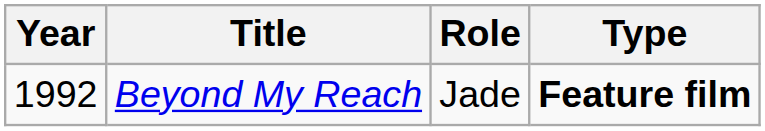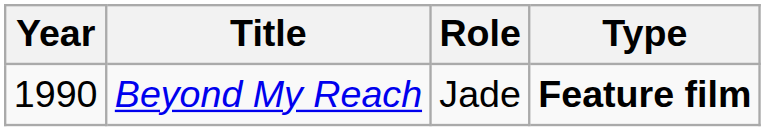 <table class="wikitable">
 <tr>
 <th>Year</th>
 <th>Title</th>
 <th>Role</th>
 <th>Type</th>
 </tr>
 <tr>
-<td>1992</td>
+<td>1990</td>
 <td><em><a href='#'>Beyond My Reach</a></em></td>
 <td>Jade</td>
 <td><strong>Feature film</strong></td>
 </tr>
 </table>
